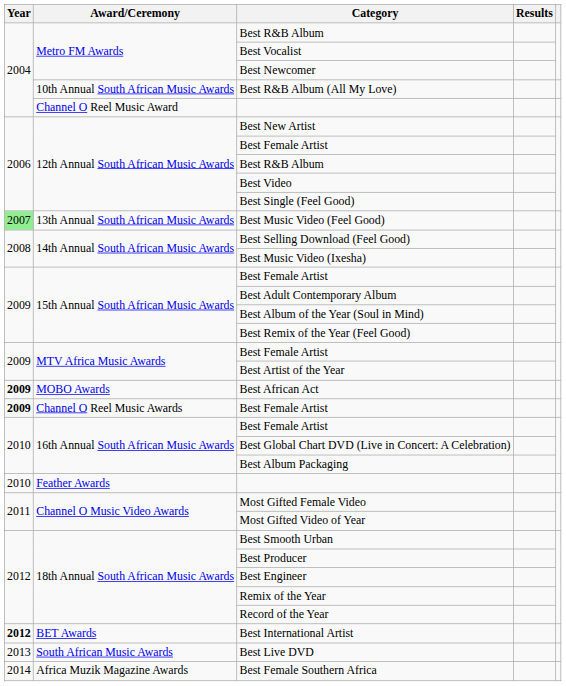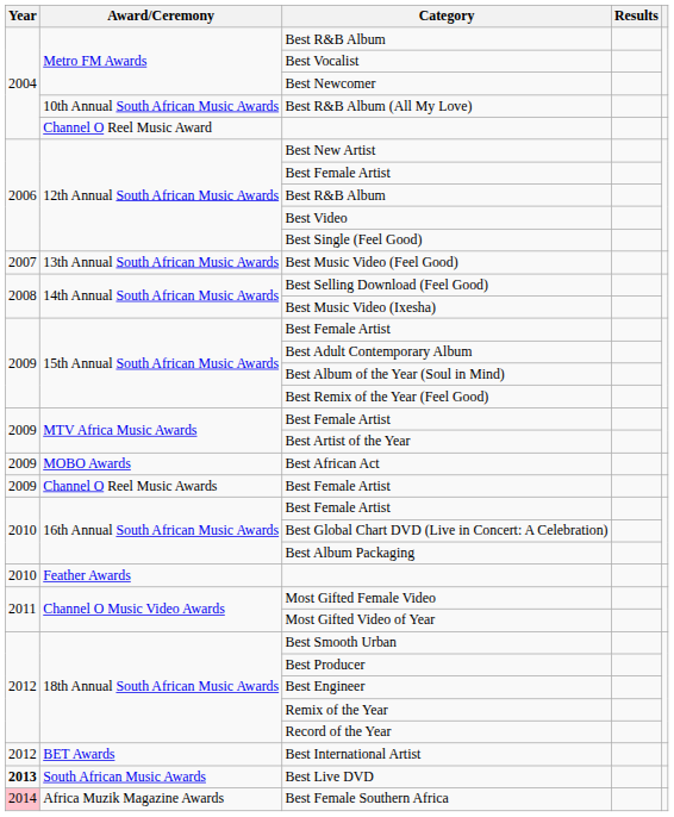 <table class="wikitable">
 <tr>
 <th>Year</th>
 <th>Award/Ceremony</th>
 <th>Category</th>
 <th>Results</th>
 <th></th>
 </tr>
 <tr>
 <td rowspan="5">2004</td>
 <td rowspan="3"><a href='#'>Metro FM Awards</a></td>
 <td>Best R&B Album</td>
 <td></td>
 <td rowspan="3"></td>
 </tr>
 <tr>
 <td>Best Vocalist</td>
 <td></td>
 </tr>
 <tr>
 <td>Best Newcomer</td>
 <td></td>
 </tr>
 <tr>
 <td>10th Annual <a href='#'>South African Music Awards</a></td>
 <td>Best R&B Album (All My Love)</td>
 <td></td>
 <td></td>
 </tr>
 <tr>
 <td><a href='#'>Channel O</a> Reel Music Award</td>
 <td></td>
 <td></td>
 <td></td>
 </tr>
 <tr>
 <td rowspan="5">2006</td>
 <td rowspan="5">12th Annual <a href='#'>South African Music Awards</a></td>
 <td>Best New Artist</td>
 <td></td>
 <td rowspan="5"></td>
 </tr>
 <tr>
 <td>Best Female Artist</td>
 <td></td>
 </tr>
 <tr>
 <td>Best R&B Album</td>
 <td></td>
 </tr>
 <tr>
 <td>Best Video</td>
 <td></td>
 </tr>
 <tr>
 <td>Best Single (Feel Good)</td>
 <td></td>
 </tr>
 <tr>
-<td style="background: lightgreen;">2007</td>
+<td>2007</td>
 <td>13th Annual <a href='#'>South African Music Awards</a></td>
 <td>Best Music Video (Feel Good)</td>
 <td></td>
 <td></td>
 </tr>
 <tr>
 <td rowspan="2">2008</td>
 <td rowspan="2">14th Annual <a href='#'>South African Music Awards</a></td>
 <td>Best Selling Download (Feel Good)</td>
 <td></td>
 <td rowspan="2"></td>
 </tr>
 <tr>
 <td>Best Music Video (Ixesha)</td>
 <td></td>
 </tr>
 <tr>
 <td rowspan="4">2009</td>
 <td rowspan="4">15th Annual <a href='#'>South African Music Awards</a></td>
 <td>Best Female Artist</td>
 <td></td>
 <td rowspan="4"></td>
 </tr>
 <tr>
 <td>Best Adult Contemporary Album</td>
 <td></td>
 </tr>
 <tr>
 <td>Best Album of the Year (Soul in Mind)</td>
 <td></td>
 </tr>
 <tr>
 <td>Best Remix of the Year (Feel Good)</td>
 <td></td>
 </tr>
 <tr>
 <td rowspan="2">2009</td>
 <td rowspan="2"><a href='#'>MTV Africa Music Awards</a></td>
 <td>Best Female Artist</td>
 <td></td>
 <td rowspan="2"></td>
 </tr>
 <tr>
 <td>Best Artist of the Year</td>
 <td></td>
 </tr>
 <tr>
-<td><strong>2009</strong></td>
+<td>2009</td>
 <td><a href='#'>MOBO Awards</a></td>
 <td>Best African Act</td>
 <td></td>
 <td></td>
 </tr>
 <tr>
-<td><strong>2009</strong></td>
+<td>2009</td>
 <td><a href='#'>Channel O</a> Reel Music Awards</td>
 <td>Best Female Artist</td>
 <td></td>
 <td></td>
 </tr>
 <tr>
 <td rowspan="3">2010</td>
 <td rowspan="3">16th Annual <a href='#'>South African Music Awards</a></td>
 <td>Best Female Artist</td>
 <td></td>
 <td rowspan="3"></td>
 </tr>
 <tr>
 <td>Best Global Chart DVD (Live in Concert: A Celebration)</td>
 <td></td>
 </tr>
 <tr>
 <td>Best Album Packaging</td>
 <td></td>
 </tr>
 <tr>
 <td>2010</td>
 <td><a href='#'>Feather Awards</a></td>
 <td></td>
 <td></td>
 <td></td>
 </tr>
 <tr>
 <td rowspan="2">2011</td>
 <td rowspan="2"><a href='#'>Channel O Music Video Awards</a></td>
 <td>Most Gifted Female Video</td>
 <td></td>
 <td rowspan="2"></td>
 </tr>
 <tr>
 <td>Most Gifted Video of Year</td>
 <td></td>
 </tr>
 <tr>
 <td rowspan="5">2012</td>
 <td rowspan="5">18th Annual <a href='#'>South African Music Awards</a></td>
 <td>Best Smooth Urban</td>
 <td></td>
 <td rowspan="5"></td>
 </tr>
 <tr>
 <td>Best Producer</td>
 <td></td>
 </tr>
 <tr>
 <td>Best Engineer</td>
 <td></td>
 </tr>
 <tr>
 <td>Remix of the Year</td>
 <td></td>
 </tr>
 <tr>
 <td>Record of the Year</td>
 <td></td>
 </tr>
 <tr>
-<td><strong>2012</strong></td>
+<td>2012</td>
 <td><a href='#'>BET Awards</a></td>
 <td>Best International Artist</td>
 <td></td>
 <td></td>
 </tr>
 <tr>
-<td>2013</td>
+<td><strong>2013</strong></td>
 <td><a href='#'>South African Music Awards</a></td>
 <td>Best Live DVD</td>
 <td></td>
 <td></td>
 </tr>
 <tr>
-<td>2014</td>
+<td style="background: pink;">2014</td>
 <td>Africa Muzik Magazine Awards</td>
 <td>Best Female Southern Africa</td>
 <td></td>
 <td></td>
 </tr>
 </table>
